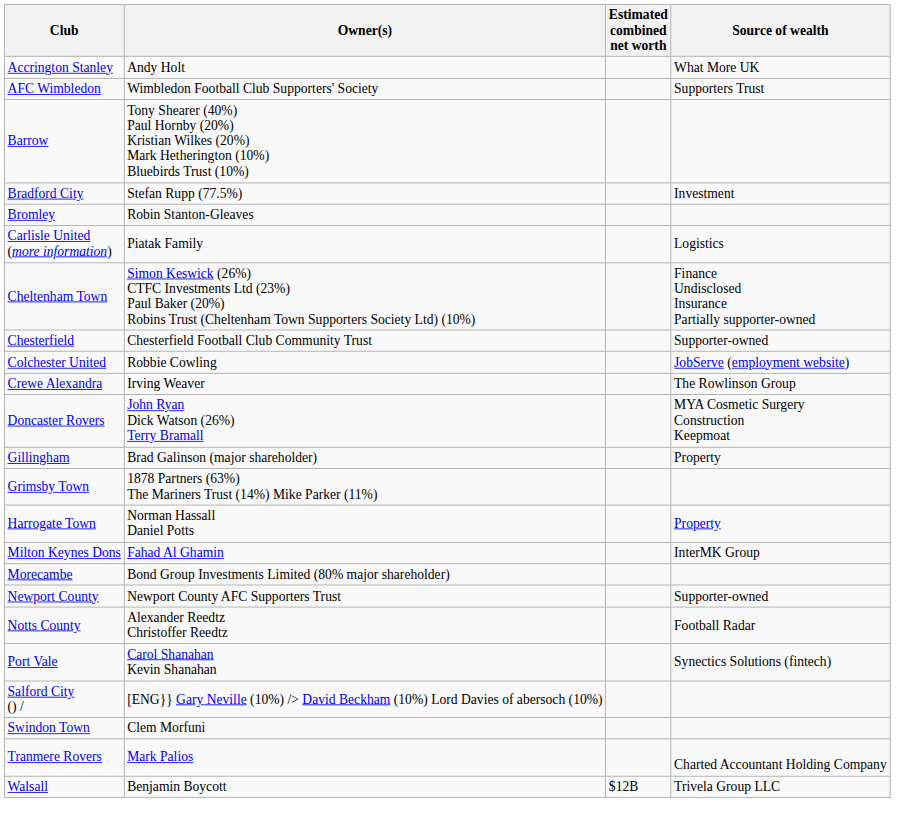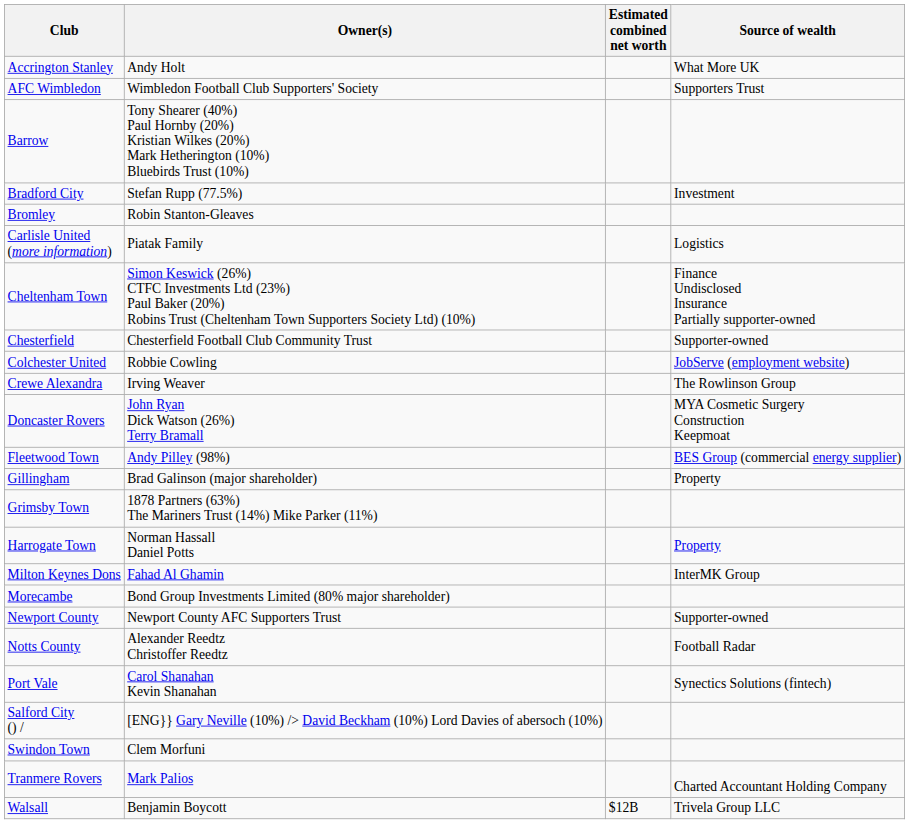 <table class="wikitable sortable">
 <tr>
 <th>Club</th>
 <th>Owner(s)</th>
 <th>Estimated<br>combined<br>net worth</th>
 <th>Source of wealth</th>
 </tr>
 <tr>
 <td><a href='#'>Accrington Stanley</a></td>
 <td> Andy Holt</td>
 <td></td>
 <td>What More UK</td>
 </tr>
 <tr>
 <td><a href='#'>AFC Wimbledon</a></td>
 <td> Wimbledon Football Club Supporters' Society</td>
 <td></td>
 <td>Supporters Trust</td>
 </tr>
 <tr>
 <td><a href='#'>Barrow</a></td>
 <td> Tony Shearer (40%)<br> Paul Hornby (20%)<br> Kristian Wilkes (20%)<br>  Mark Hetherington (10%)<br> Bluebirds Trust (10%)</td>
 <td></td>
 <td></td>
 </tr>
 <tr>
 <td><a href='#'>Bradford City</a></td>
 <td> Stefan Rupp (77.5%)</td>
 <td></td>
 <td>Investment</td>
 </tr>
 <tr>
 <td><a href='#'>Bromley</a></td>
 <td> Robin Stanton-Gleaves</td>
 <td></td>
 <td></td>
 </tr>
 <tr>
 <td><a href='#'>Carlisle United</a><br>(<em><a href='#'>more information</a></em>)</td>
 <td> Piatak Family</td>
 <td></td>
 <td>Logistics</td>
 </tr>
 <tr>
 <td><a href='#'>Cheltenham Town</a></td>
 <td> <a href='#'>Simon Keswick</a> (26%)<br> CTFC Investments Ltd (23%)<br> Paul Baker (20%)<br> Robins Trust (Cheltenham Town Supporters Society Ltd) (10%)</td>
 <td></td>
 <td>Finance<br>Undisclosed<br>Insurance<br>Partially supporter-owned</td>
 </tr>
 <tr>
 <td><a href='#'>Chesterfield</a></td>
 <td> Chesterfield Football Club Community Trust</td>
 <td></td>
 <td>Supporter-owned</td>
 </tr>
 <tr>
 <td><a href='#'>Colchester United</a></td>
 <td> Robbie Cowling</td>
 <td></td>
 <td><a href='#'>JobServe</a> (<a href='#'>employment website</a>)</td>
 </tr>
 <tr>
 <td><a href='#'>Crewe Alexandra</a></td>
 <td> Irving Weaver</td>
 <td></td>
 <td>The Rowlinson Group</td>
 </tr>
 <tr>
 <td><a href='#'>Doncaster Rovers</a></td>
 <td> <a href='#'>John Ryan</a><br> Dick Watson (26%)<br> <a href='#'>Terry Bramall</a></td>
 <td></td>
 <td>MYA Cosmetic Surgery<br>Construction<br>Keepmoat<br></td>
 </tr>
 <tr>
+<td><a href='#'>Fleetwood Town</a></td>
+<td> <a href='#'>Andy Pilley</a> (98%)</td>
+<td></td>
+<td><a href='#'>BES Group</a> (commercial <a href='#'>energy supplier</a>)</td>
+</tr>
+<tr>
 <td><a href='#'>Gillingham</a></td>
 <td> Brad Galinson (major shareholder)</td>
 <td></td>
 <td>Property</td>
 </tr>
 <tr>
 <td><a href='#'>Grimsby Town</a></td>
 <td> 1878 Partners (63%)<br> The Mariners Trust (14%)  Mike Parker (11%)</td>
 <td></td>
 <td></td>
 </tr>
 <tr>
 <td><a href='#'>Harrogate Town</a></td>
 <td> Norman Hassall<br> Daniel Potts</td>
 <td></td>
 <td><a href='#'>Property</a></td>
 </tr>
 <tr>
 <td><a href='#'>Milton Keynes Dons</a></td>
 <td> <a href='#'>Fahad Al Ghamin</a></td>
 <td></td>
 <td>InterMK Group</td>
 </tr>
 <tr>
 <td><a href='#'>Morecambe</a></td>
 <td> Bond Group Investments Limited (80% major shareholder)</td>
 <td></td>
 <td></td>
 </tr>
 <tr>
 <td><a href='#'>Newport County</a></td>
 <td> Newport County AFC Supporters Trust</td>
 <td></td>
 <td>Supporter-owned</td>
 </tr>
 <tr>
 <td><a href='#'>Notts County</a></td>
 <td> Alexander Reedtz<br> Christoffer Reedtz</td>
 <td></td>
 <td>Football Radar</td>
 </tr>
 <tr>
 <td><a href='#'>Port Vale</a></td>
 <td> <a href='#'>Carol Shanahan</a><br> Kevin Shanahan</td>
 <td></td>
 <td>Synectics Solutions (fintech)</td>
 </tr>
 <tr>
 <td><a href='#'>Salford City</a><br>(<em><a href='#'></a></em>) /</td>
 <td>[ENG}} <a href='#'>Gary Neville</a> (10%) /> <a href='#'>David Beckham</a> (10%) Lord Davies of abersoch (10%)</td>
 <td></td>
 <td></td>
 </tr>
 <tr>
 <td><a href='#'>Swindon Town</a></td>
 <td> Clem Morfuni</td>
 <td></td>
 <td></td>
 </tr>
 <tr>
 <td><a href='#'>Tranmere Rovers</a></td>
 <td> <a href='#'>Mark Palios</a></td>
 <td></td>
 <td><br>Charted Accountant Holding Company</td>
 </tr>
 <tr>
 <td><a href='#'>Walsall</a></td>
 <td> Benjamin Boycott</td>
 <td>$12B</td>
 <td>Trivela Group LLC</td>
 </tr>
 </table>
